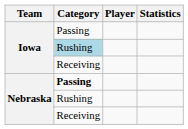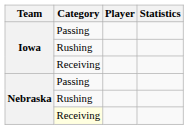 <table class="wikitable" style="float:right">
 <tr>
 <th>Team</th>
 <th>Category</th>
 <th>Player</th>
 <th>Statistics</th>
 </tr>
 <tr>
 <th rowspan=3>Iowa</th>
 <td>Passing</td>
 <td></td>
 <td></td>
 </tr>
 <tr>
-<td style="background: lightblue;">Rushing</td>
+<td>Rushing</td>
 <td></td>
 <td></td>
 </tr>
 <tr>
 <td>Receiving</td>
 <td></td>
 <td></td>
 </tr>
 <tr>
 <th rowspan=3>Nebraska</th>
-<td><strong>Passing</strong></td>
+<td>Passing</td>
 <td></td>
 <td></td>
 </tr>
 <tr>
 <td>Rushing</td>
 <td></td>
 <td></td>
 </tr>
 <tr>
-<td>Receiving</td>
+<td style="background: lightyellow;">Receiving</td>
 <td></td>
 <td></td>
 </tr>
 </table>
